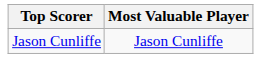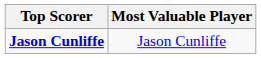 <table class="wikitable" style="margin: 0 auto;">
 <tr>
 <th>Top Scorer</th>
 <th>Most Valuable Player</th>
 </tr>
 <tr>
-<td align=center> <a href='#'>Jason Cunliffe</a></td>
+<td align=center><strong> <a href='#'>Jason Cunliffe</a></strong></td>
 <td align=center> <a href='#'>Jason Cunliffe</a></td>
 </tr>
 </table>
